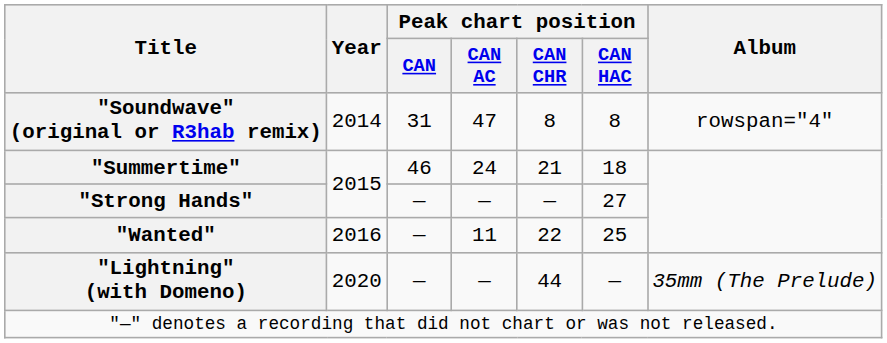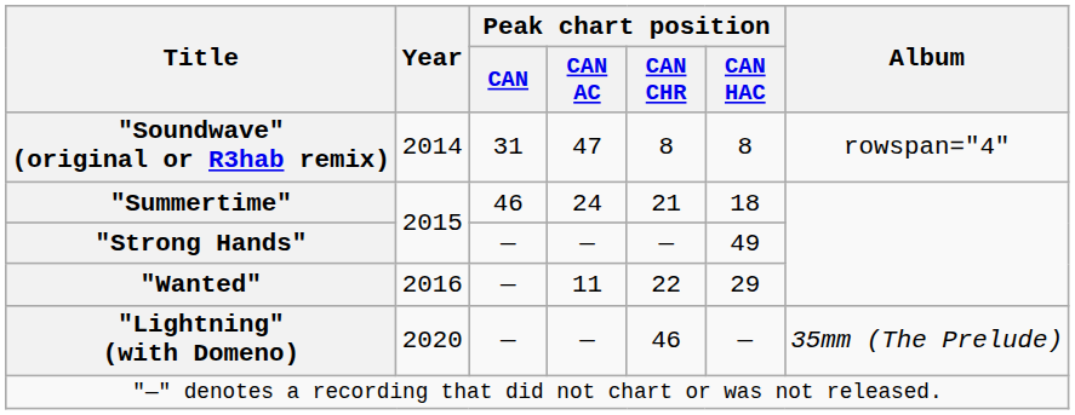 <table class="wikitable plainrowheaders" style="text-align:center;">
 <tr>
 <th scope="col" rowspan="2">Title</th>
 <th scope="col" rowspan="2">Year</th>
 <th scope="col" colspan="4">Peak chart position</th>
 <th scope="col" rowspan="2">Album</th>
 </tr>
 <tr>
 <th scope="col" style="width:3em;font-size:90%;"><a href='#'>CAN</a><br></th>
 <th scope="col" style="width:3em;font-size:90%;"><a href='#'>CAN AC</a><br></th>
 <th scope="col" style="width:3em;font-size:90%;"><a href='#'>CAN CHR</a><br></th>
 <th scope="col" style="width:3em;font-size:90%;"><a href='#'>CAN HAC</a><br></th>
 </tr>
 <tr>
 <th scope="row">"Soundwave"<br><span>(original or <a href='#'>R3hab</a> remix)</span></th>
 <td>2014</td>
 <td>31</td>
 <td>47</td>
 <td>8</td>
 <td>8</td>
 <td>rowspan="4" </td>
 </tr>
 <tr>
 <th scope="row">"Summertime"</th>
 <td rowspan="2">2015</td>
 <td>46</td>
 <td>24</td>
 <td>21</td>
 <td>18</td>
 </tr>
 <tr>
 <th scope="row">"Strong Hands"</th>
 <td>—</td>
 <td>—</td>
 <td>—</td>
-<td>27</td>
+<td>49</td>
 </tr>
 <tr>
 <th scope="row">"Wanted"</th>
 <td>2016</td>
 <td>—</td>
 <td>11</td>
 <td>22</td>
-<td>25</td>
+<td>29</td>
 </tr>
 <tr>
 <th scope="row">"Lightning" <br><span>(with Domeno)</span></th>
 <td>2020</td>
 <td>—</td>
 <td>—</td>
-<td>44</td>
+<td>46</td>
 <td>—</td>
 <td><em>35mm (The Prelude)</em></td>
 </tr>
 <tr>
 <td colspan="7" style="font-size:85%">"—" denotes a recording that did not chart or was not released.</td>
 </tr>
 </table>
